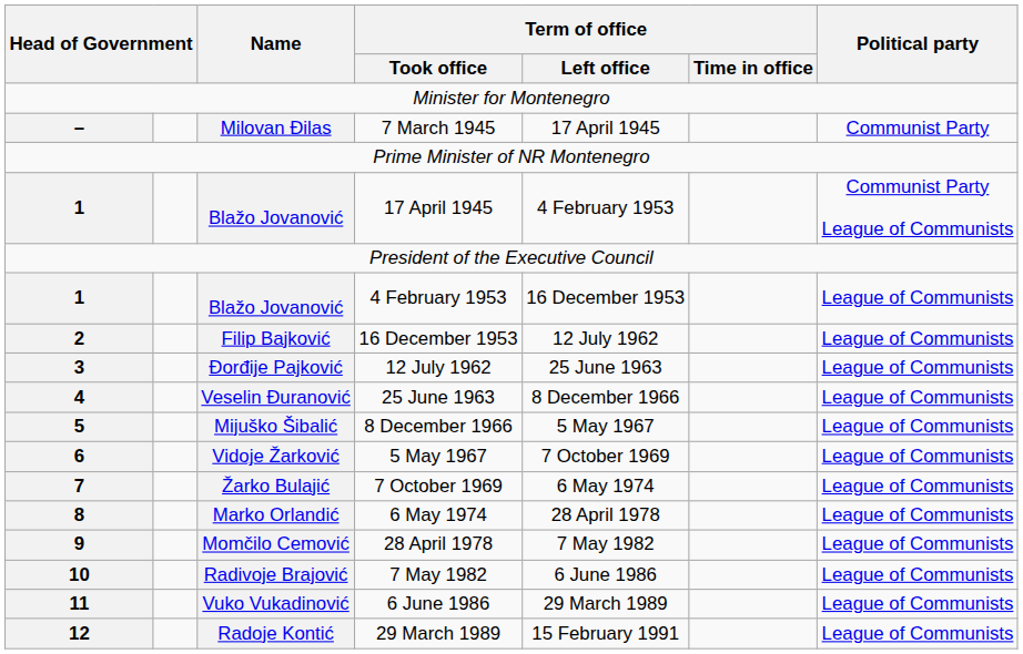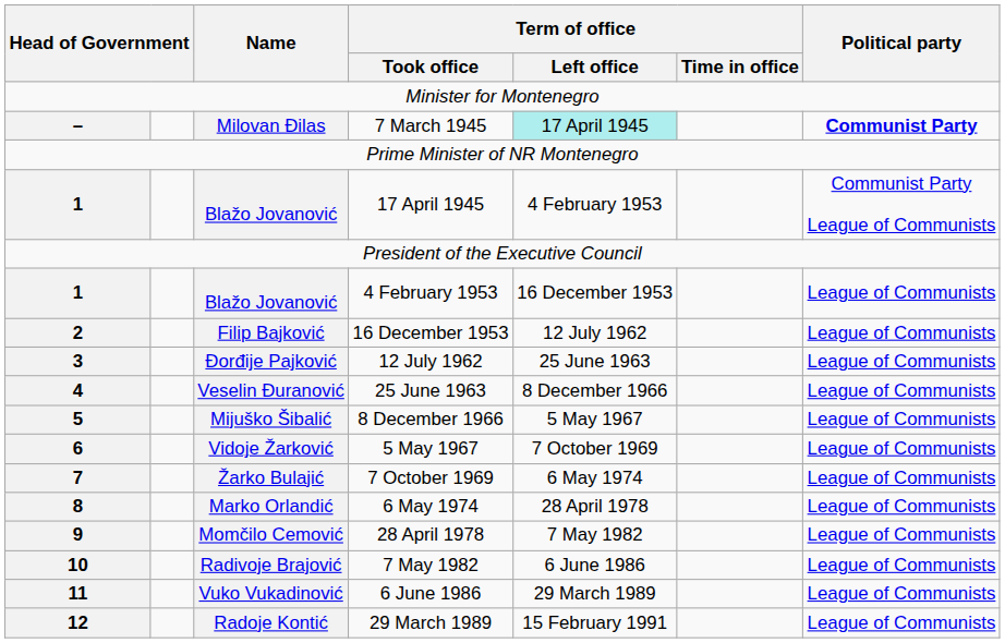 <table class=wikitable style="text-align:center; margin-bottom:0">
 <tr style="height:42px; background:#e9e9e9;">
 <th colspan="2" rowspan="2">Head of Government</th>
 <th rowspan="2">Name<br></th>
 <th colspan="3">Term of office</th>
 <th rowspan="2">Political party</th>
 </tr>
 <tr>
 <th>Took office</th>
 <th>Left office</th>
 <th>Time in office</th>
 </tr>
 <tr>
 <td colspan="7"><em>Minister for Montenegro</em></td>
 </tr>
 <tr>
 <th style="background:">–</th>
 <td></td>
 <th scope="row" style="font-weight:normal;"><a href='#'>Milovan Đilas</a><br></th>
 <td>7 March 1945</td>
-<td>17 April 1945</td>
+<td style="background: paleturquoise;">17 April 1945</td>
 <td></td>
-<td><a href='#'>Communist Party</a></td>
+<td><strong><a href='#'>Communist Party</a></strong></td>
 </tr>
 <tr>
 <td colspan="7"><em>Prime Minister of NR Montenegro</em></td>
 </tr>
 <tr>
 <th style="background:">1<br></th>
 <td></td>
 <th scope="row" style="font-weight:normal;"><br><a href='#'>Blažo Jovanović</a><br></th>
 <td>17 April 1945</td>
 <td>4 February 1953</td>
 <td></td>
 <td><a href='#'>Communist Party</a><br><br><a href='#'>League of Communists</a><br></td>
 </tr>
 <tr>
 <td colspan="7"><em>President of the Executive Council</em></td>
 </tr>
 <tr>
 <th style="background:">1<br></th>
 <td></td>
 <th scope="row" style="font-weight:normal;"><br><a href='#'>Blažo Jovanović</a><br></th>
 <td>4 February 1953</td>
 <td>16 December 1953</td>
 <td></td>
 <td><a href='#'>League of Communists</a></td>
 </tr>
 <tr>
 <th style="background:">2<br></th>
 <td></td>
 <th scope="row" style="font-weight:normal;"><a href='#'>Filip Bajković</a><br></th>
 <td>16 December 1953</td>
 <td>12 July 1962</td>
 <td></td>
 <td><a href='#'>League of Communists</a></td>
 </tr>
 <tr>
 <th style="background:">3<br></th>
 <td></td>
 <th scope="row" style="font-weight:normal;"><a href='#'>Đorđije Pajković</a><br></th>
 <td>12 July 1962</td>
 <td>25 June 1963</td>
 <td></td>
 <td><a href='#'>League of Communists</a></td>
 </tr>
 <tr>
 <th style="background:">4<br></th>
 <td></td>
 <th scope="row" style="font-weight:normal;"><a href='#'>Veselin Đuranović</a><br></th>
 <td>25 June 1963</td>
 <td>8 December 1966</td>
 <td></td>
 <td><a href='#'>League of Communists</a></td>
 </tr>
 <tr>
 <th style="background:">5<br></th>
 <td></td>
 <th scope="row" style="font-weight:normal;"><a href='#'>Mijuško Šibalić</a><br></th>
 <td>8 December 1966</td>
 <td>5 May 1967</td>
 <td></td>
 <td><a href='#'>League of Communists</a></td>
 </tr>
 <tr>
 <th style="background:">6<br></th>
 <td></td>
 <th scope="row" style="font-weight:normal;"><a href='#'>Vidoje Žarković</a><br></th>
 <td>5 May 1967</td>
 <td>7 October 1969</td>
 <td></td>
 <td><a href='#'>League of Communists</a></td>
 </tr>
 <tr>
 <th style="background:">7<br></th>
 <td></td>
 <th scope="row" style="font-weight:normal;"><a href='#'>Žarko Bulajić</a><br></th>
 <td>7 October 1969</td>
 <td>6 May 1974</td>
 <td></td>
 <td><a href='#'>League of Communists</a></td>
 </tr>
 <tr>
 <th style="background:">8<br></th>
 <td></td>
 <th scope="row" style="font-weight:normal;"><a href='#'>Marko Orlandić</a><br></th>
 <td>6 May 1974</td>
 <td>28 April 1978</td>
 <td></td>
 <td><a href='#'>League of Communists</a></td>
 </tr>
 <tr>
 <th style="background:">9<br></th>
 <td></td>
 <th scope="row" style="font-weight:normal;"><a href='#'>Momčilo Cemović</a><br></th>
 <td>28 April 1978</td>
 <td>7 May 1982</td>
 <td></td>
 <td><a href='#'>League of Communists</a></td>
 </tr>
 <tr>
 <th style="background:">10<br></th>
 <td></td>
 <th scope="row" style="font-weight:normal;"><a href='#'>Radivoje Brajović</a><br></th>
 <td>7 May 1982</td>
 <td>6 June 1986</td>
 <td></td>
 <td><a href='#'>League of Communists</a></td>
 </tr>
 <tr>
 <th style="background:">11<br></th>
 <td></td>
 <th scope="row" style="font-weight:normal;"><a href='#'>Vuko Vukadinović</a><br></th>
 <td>6 June 1986</td>
 <td>29 March 1989</td>
 <td></td>
 <td><a href='#'>League of Communists</a></td>
 </tr>
 <tr>
 <th style="background:">12<br></th>
 <td></td>
 <th scope="row" style="font-weight:normal;"><a href='#'>Radoje Kontić</a><br></th>
 <td>29 March 1989</td>
 <td>15 February 1991</td>
 <td></td>
 <td><a href='#'>League of Communists</a></td>
 </tr>
 </table>
